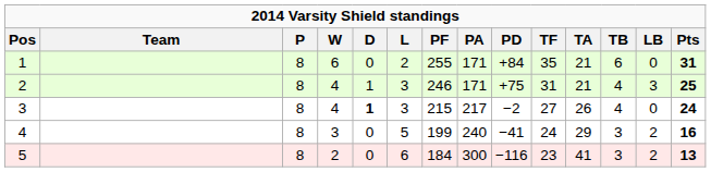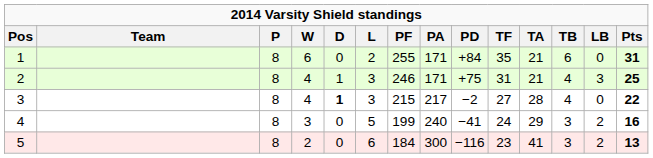 <table class="wikitable" style="text-align:center; line-height:110%; font-size:100%; width:60%;">
 <tr>
 <td colspan="14" cellpadding="0" cellspacing="0"><strong>2014 Varsity Shield standings</strong></td>
 </tr>
 <tr>
 <th style="width:5%;">Pos</th>
 <th style="width:35%;">Team</th>
 <th style="width:5%;">P</th>
 <th style="width:5%;">W</th>
 <th style="width:5%;">D</th>
 <th style="width:5%;">L</th>
 <th style="width:5%;">PF</th>
 <th style="width:5%;">PA</th>
 <th style="width:5%;">PD</th>
 <th style="width:5%;">TF</th>
 <th style="width:5%;">TA</th>
 <th style="width:5%;">TB</th>
 <th style="width:5%;">LB</th>
 <th style="width:5%;">Pts<br></th>
 </tr>
 <tr bgcolor=#E8FFD8>
 <td>1</td>
 <td align=left></td>
 <td>8</td>
 <td>6</td>
 <td>0</td>
 <td>2</td>
 <td>255</td>
 <td>171</td>
 <td>+84</td>
 <td>35</td>
 <td>21</td>
 <td>6</td>
 <td>0</td>
 <td><strong>31</strong></td>
 </tr>
 <tr bgcolor=#E8FFD8>
 <td>2</td>
 <td align=left></td>
 <td>8</td>
 <td>4</td>
 <td>1</td>
 <td>3</td>
 <td>246</td>
 <td>171</td>
 <td>+75</td>
 <td>31</td>
 <td>21</td>
 <td>4</td>
 <td>3</td>
 <td><strong>25</strong></td>
 </tr>
 <tr bgcolor=#FFFFFF>
 <td>3</td>
 <td align=left></td>
 <td>8</td>
 <td>4</td>
 <td><strong>1</strong></td>
 <td>3</td>
 <td>215</td>
 <td>217</td>
 <td>−2</td>
 <td>27</td>
-<td>26</td>
+<td>28</td>
 <td>4</td>
 <td>0</td>
-<td><strong>24</strong></td>
+<td><strong>22</strong></td>
 </tr>
 <tr bgcolor=#FFFFFF>
 <td>4</td>
 <td align=left></td>
 <td>8</td>
 <td>3</td>
 <td>0</td>
 <td>5</td>
 <td>199</td>
 <td>240</td>
 <td>−41</td>
 <td>24</td>
 <td>29</td>
 <td>3</td>
 <td>2</td>
 <td><strong>16</strong></td>
 </tr>
 <tr bgcolor=#FFE8E8>
 <td>5</td>
 <td align=left></td>
 <td>8</td>
 <td>2</td>
 <td>0</td>
 <td>6</td>
 <td>184</td>
 <td>300</td>
 <td>−116</td>
 <td>23</td>
 <td>41</td>
 <td>3</td>
 <td>2</td>
 <td><strong>13</strong></td>
 </tr>
 </table>
